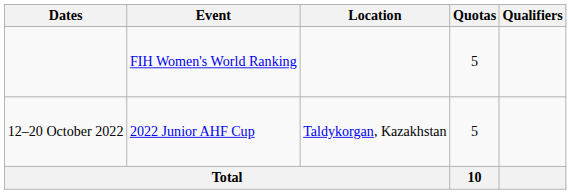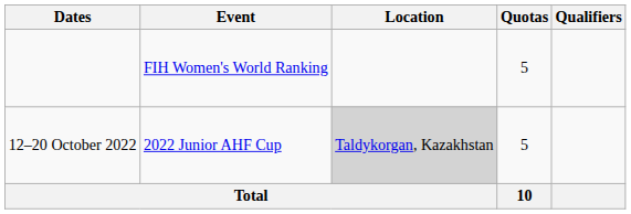 <table class="wikitable">
 <tr>
 <th>Dates</th>
 <th>Event</th>
 <th>Location</th>
 <th>Quotas</th>
 <th>Qualifiers</th>
 </tr>
 <tr>
 <td></td>
 <td><a href='#'>FIH Women's World Ranking</a></td>
 <td></td>
 <td align=center>5</td>
 <td><br><br><br><br></td>
 </tr>
 <tr>
 <td>12–20 October 2022</td>
 <td><a href='#'>2022 Junior AHF Cup</a></td>
-<td><a href='#'>Taldykorgan</a>, Kazakhstan</td>
+<td style="background: lightgrey;"><a href='#'>Taldykorgan</a>, Kazakhstan</td>
 <td align=center>5</td>
 <td><br><br><br><br></td>
 </tr>
 <tr>
 <th colspan=3>Total</th>
 <th>10</th>
 <th></th>
 </tr>
 </table>
